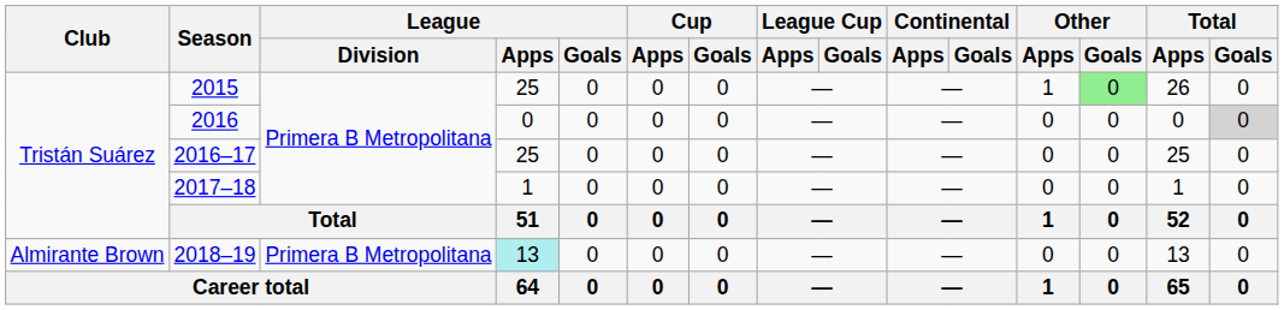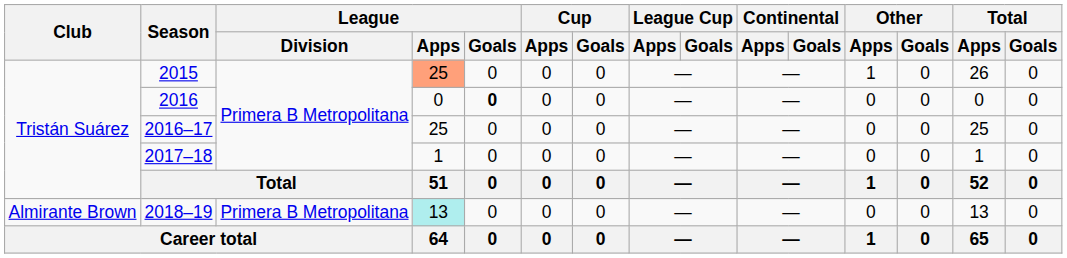 <table class="wikitable" style="text-align:center">
 <tr>
 <th rowspan="2">Club</th>
 <th rowspan="2">Season</th>
 <th colspan="3">League</th>
 <th colspan="2">Cup</th>
 <th colspan="2">League Cup</th>
 <th colspan="2">Continental</th>
 <th colspan="2">Other</th>
 <th colspan="2">Total</th>
 </tr>
 <tr>
 <th>Division</th>
 <th>Apps</th>
 <th>Goals</th>
 <th>Apps</th>
 <th>Goals</th>
 <th>Apps</th>
 <th>Goals</th>
 <th>Apps</th>
 <th>Goals</th>
 <th>Apps</th>
 <th>Goals</th>
 <th>Apps</th>
 <th>Goals</th>
 </tr>
 <tr>
 <td rowspan="5"><a href='#'>Tristán Suárez</a></td>
 <td><a href='#'>2015</a></td>
 <td rowspan="4"><a href='#'>Primera B Metropolitana</a></td>
-<td>25</td>
+<td style="background: lightsalmon;">25</td>
 <td>0</td>
 <td>0</td>
 <td>0</td>
 <td colspan="2">—</td>
 <td colspan="2">—</td>
 <td>1</td>
-<td style="background: lightgreen;">0</td>
+<td>0</td>
 <td>26</td>
 <td>0</td>
 </tr>
 <tr>
 <td><a href='#'>2016</a></td>
 <td>0</td>
-<td>0</td>
+<td><strong>0</strong></td>
 <td>0</td>
 <td>0</td>
 <td colspan="2">—</td>
 <td colspan="2">—</td>
 <td>0</td>
 <td>0</td>
 <td>0</td>
-<td style="background: lightgrey;">0</td>
+<td>0</td>
 </tr>
 <tr>
 <td><a href='#'>2016–17</a></td>
 <td>25</td>
 <td>0</td>
 <td>0</td>
 <td>0</td>
 <td colspan="2">—</td>
 <td colspan="2">—</td>
 <td>0</td>
 <td>0</td>
 <td>25</td>
 <td>0</td>
 </tr>
 <tr>
 <td><a href='#'>2017–18</a></td>
 <td>1</td>
 <td>0</td>
 <td>0</td>
 <td>0</td>
 <td colspan="2">—</td>
 <td colspan="2">—</td>
 <td>0</td>
 <td>0</td>
 <td>1</td>
 <td>0</td>
 </tr>
 <tr>
 <th colspan="2">Total</th>
 <th>51</th>
 <th>0</th>
 <th>0</th>
 <th>0</th>
 <th colspan="2">—</th>
 <th colspan="2">—</th>
 <th>1</th>
 <th>0</th>
 <th>52</th>
 <th>0</th>
 </tr>
 <tr>
 <td rowspan="1"><a href='#'>Almirante Brown</a></td>
 <td><a href='#'>2018–19</a></td>
 <td rowspan="1"><a href='#'>Primera B Metropolitana</a></td>
 <td style="background: paleturquoise;">13</td>
 <td>0</td>
 <td>0</td>
 <td>0</td>
 <td colspan="2">—</td>
 <td colspan="2">—</td>
 <td>0</td>
 <td>0</td>
 <td>13</td>
 <td>0</td>
 </tr>
 <tr>
 <th colspan="3">Career total</th>
 <th>64</th>
 <th>0</th>
 <th>0</th>
 <th>0</th>
 <th colspan="2">—</th>
 <th colspan="2">—</th>
 <th>1</th>
 <th>0</th>
 <th>65</th>
 <th>0</th>
 </tr>
 </table>
